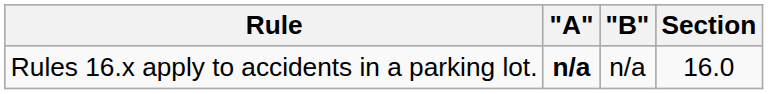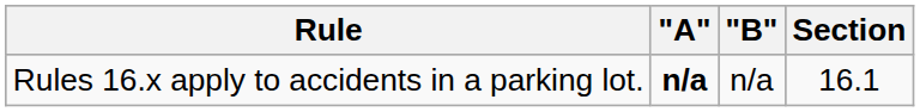 <table class="wikitable">
 <tr>
 <th style="text-align: center;">Rule</th>
 <th style="text-align: center;">"A"</th>
 <th style="text-align: center;">"B"</th>
 <th style="text-align: center;">Section</th>
 </tr>
 <tr>
 <td style="text-align: center;">Rules 16.x apply to accidents in a parking lot.</td>
 <td style="text-align: center;"><strong>n/a</strong></td>
 <td style="text-align: center;">n/a</td>
-<td style="text-align: center;">16.0</td>
+<td style="text-align: center;">16.1</td>
 </tr>
 </table>
